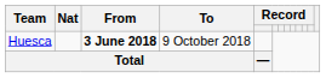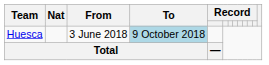 <table class="wikitable" style="text-align: center">
 <tr>
 <th rowspan="2">Team</th>
 <th rowspan="2">Nat</th>
 <th rowspan="2">From</th>
 <th rowspan="2">To</th>
 <th colspan="8">Record</th>
 <th rowspan=2></th>
 </tr>
 <tr>
 <th></th>
 <th></th>
 <th></th>
 <th></th>
 <th></th>
 <th></th>
 <th></th>
 <th></th>
 </tr>
 <tr>
 <td align=left><a href='#'>Huesca</a></td>
 <td></td>
-<td align=left><strong>3 June 2018</strong></td>
-<td align=left>9 October 2018<br></td>
+<td align=left>3 June 2018</td>
+<td align=left style="background: lightblue;">9 October 2018<br></td>
 <td></td>
 </tr>
 <tr>
 <th colspan="4">Total<br></th>
 <th>—</th>
 </tr>
 </table>
